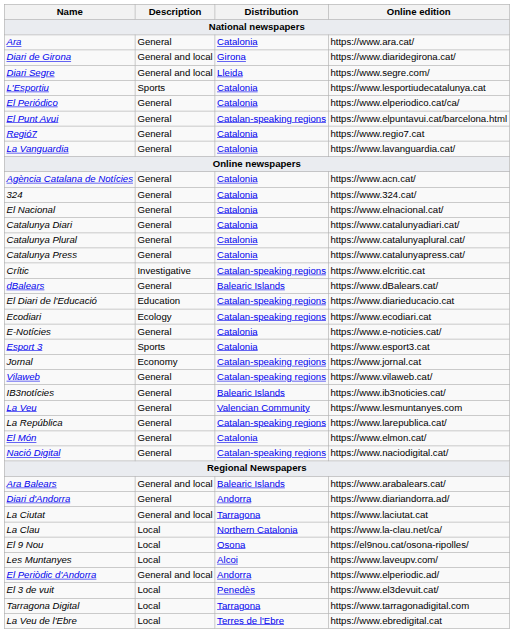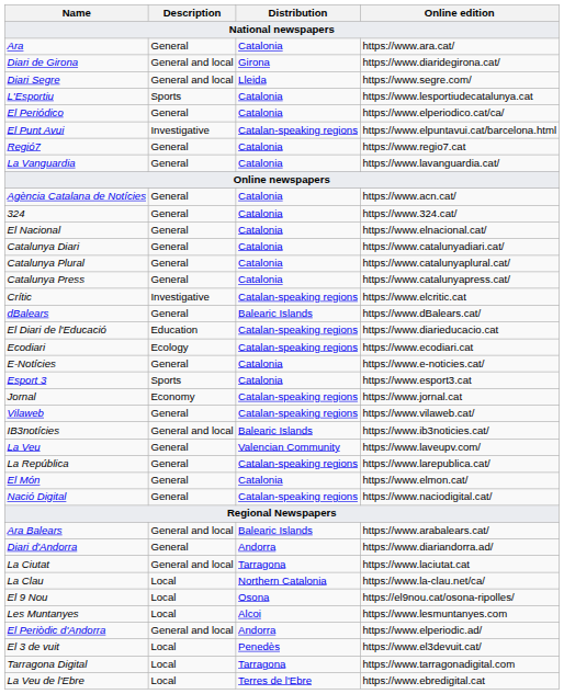 <table class="wikitable">
 <tr>
 <th>Name</th>
 <th>Description</th>
 <th>Distribution</th>
 <th>Online edition</th>
 </tr>
 <tr>
 <td colspan="7" align="center" style="background:#eaecf0;"><strong>National newspapers</strong></td>
 </tr>
 <tr>
 <td><em><a href='#'>Ara</a></em></td>
 <td>General</td>
 <td><a href='#'>Catalonia</a></td>
 <td>https://www.ara.cat/</td>
 </tr>
 <tr>
 <td><em><a href='#'>Diari de Girona</a></em></td>
 <td>General and local</td>
 <td><a href='#'>Girona</a></td>
 <td>https://www.diaridegirona.cat/</td>
 </tr>
 <tr>
 <td><em><a href='#'>Diari Segre</a></em></td>
 <td>General and local</td>
 <td><a href='#'>Lleida</a></td>
 <td>https://www.segre.com/</td>
 </tr>
 <tr>
 <td><em><a href='#'>L'Esportiu</a></em></td>
 <td>Sports</td>
 <td><a href='#'>Catalonia</a></td>
 <td>https://www.lesportiudecatalunya.cat</td>
 </tr>
 <tr>
 <td><em><a href='#'>El Periódico</a></em></td>
 <td>General</td>
 <td><a href='#'>Catalonia</a></td>
 <td>https://www.elperiodico.cat/ca/</td>
 </tr>
 <tr>
 <td><em><a href='#'>El Punt Avui</a></em></td>
-<td>General</td>
+<td>Investigative</td>
 <td><a href='#'>Catalan-speaking regions</a></td>
 <td>https://www.elpuntavui.cat/barcelona.html</td>
 </tr>
 <tr>
 <td><em><a href='#'>Regió7</a></em></td>
 <td>General</td>
 <td><a href='#'>Catalonia</a></td>
 <td>https://www.regio7.cat</td>
 </tr>
 <tr>
 <td><em><a href='#'>La Vanguardia</a></em></td>
 <td>General</td>
 <td><a href='#'>Catalonia</a></td>
 <td>https://www.lavanguardia.cat/</td>
 </tr>
 <tr>
 <td colspan="7" align="center" style="background:#eaecf0;"><strong>Online newspapers</strong></td>
 </tr>
 <tr>
 <td><em><a href='#'>Agència Catalana de Notícies</a></em></td>
 <td>General</td>
 <td><a href='#'>Catalonia</a></td>
 <td>https://www.acn.cat/</td>
 </tr>
 <tr>
 <td><em>324</em></td>
 <td>General</td>
 <td><a href='#'>Catalonia</a></td>
 <td>https://www.324.cat/</td>
 </tr>
 <tr>
 <td><em>El Nacional</em></td>
 <td>General</td>
 <td><a href='#'>Catalonia</a></td>
 <td>https://www.elnacional.cat/</td>
 </tr>
 <tr>
 <td><em>Catalunya Diari</em></td>
 <td>General</td>
 <td><a href='#'>Catalonia</a></td>
 <td>https://www.catalunyadiari.cat/</td>
 </tr>
 <tr>
 <td><em>Catalunya Plural</em></td>
 <td>General</td>
 <td><a href='#'>Catalonia</a></td>
 <td>https://www.catalunyaplural.cat/</td>
 </tr>
 <tr>
 <td><em>Catalunya Press</em></td>
 <td>General</td>
 <td><a href='#'>Catalonia</a></td>
 <td>https://www.catalunyapress.cat/</td>
 </tr>
 <tr>
 <td><em>Crític</em></td>
 <td>Investigative</td>
 <td><a href='#'>Catalan-speaking regions</a></td>
 <td>https://www.elcritic.cat</td>
 </tr>
 <tr>
 <td><em><a href='#'>dBalears</a></em></td>
 <td>General</td>
 <td><a href='#'>Balearic Islands</a></td>
 <td>https://www.dBalears.cat/</td>
 </tr>
 <tr>
 <td><em>El Diari de l'Educació</em></td>
 <td>Education</td>
 <td><a href='#'>Catalan-speaking regions</a></td>
 <td>https://www.diarieducacio.cat</td>
 </tr>
 <tr>
 <td><em>Ecodiari</em></td>
 <td>Ecology</td>
 <td><a href='#'>Catalan-speaking regions</a></td>
 <td>https://www.ecodiari.cat</td>
 </tr>
 <tr>
 <td><em>E-Notícies</em></td>
 <td>General</td>
 <td><a href='#'>Catalonia</a></td>
 <td>https://www.e-noticies.cat/</td>
 </tr>
 <tr>
 <td><em><a href='#'>Esport 3</a></em></td>
 <td>Sports</td>
 <td><a href='#'>Catalonia</a></td>
 <td>https://www.esport3.cat</td>
 </tr>
 <tr>
 <td><em>Jornal</em></td>
 <td>Economy</td>
 <td><a href='#'>Catalan-speaking regions</a></td>
 <td>https://www.jornal.cat</td>
 </tr>
 <tr>
 <td><em><a href='#'>Vilaweb</a></em></td>
 <td>General</td>
 <td><a href='#'>Catalan-speaking regions</a></td>
 <td>https://www.vilaweb.cat/</td>
 </tr>
 <tr>
 <td><em>IB3notícies</em></td>
-<td>General</td>
+<td>General and local</td>
 <td><a href='#'>Balearic Islands</a></td>
 <td>https://www.ib3noticies.cat/</td>
 </tr>
 <tr>
 <td><em><a href='#'>La Veu</a></em></td>
 <td>General</td>
 <td><a href='#'>Valencian Community</a></td>
-<td>https://www.lesmuntanyes.com</td>
+<td>https://www.laveupv.com/</td>
 </tr>
 <tr>
 <td><em>La República</em></td>
 <td>General</td>
 <td><a href='#'>Catalan-speaking regions</a></td>
 <td>https://www.larepublica.cat/</td>
 </tr>
 <tr>
 <td><em><a href='#'>El Món</a></em></td>
 <td>General</td>
 <td><a href='#'>Catalonia</a></td>
 <td>https://www.elmon.cat/</td>
 </tr>
 <tr>
 <td><em><a href='#'>Nació Digital</a></em></td>
 <td>General</td>
 <td><a href='#'>Catalan-speaking regions</a></td>
 <td>https://www.naciodigital.cat/</td>
 </tr>
 <tr>
 <td colspan="7" align="center" style="background:#eaecf0;"><strong>Regional Newspapers</strong></td>
 </tr>
 <tr>
 <td><em><a href='#'>Ara Balears</a></em></td>
 <td>General and local</td>
 <td><a href='#'>Balearic Islands</a></td>
 <td>https://www.arabalears.cat/</td>
 </tr>
 <tr>
 <td><em><a href='#'>Diari d'Andorra</a></em></td>
 <td>General</td>
 <td><a href='#'>Andorra</a></td>
 <td>https://www.diariandorra.ad/</td>
 </tr>
 <tr>
 <td><em>La Ciutat</em></td>
 <td>General and local</td>
 <td><a href='#'>Tarragona</a></td>
 <td>https://www.laciutat.cat</td>
 </tr>
 <tr>
 <td><em>La Clau</em></td>
 <td>Local</td>
 <td><a href='#'>Northern Catalonia</a></td>
 <td>https://www.la-clau.net/ca/</td>
 </tr>
 <tr>
 <td><em>El 9 Nou</em></td>
 <td>Local</td>
 <td><a href='#'>Osona</a></td>
 <td>https://el9nou.cat/osona-ripolles/</td>
 </tr>
 <tr>
 <td><em>Les Muntanyes</em></td>
 <td>Local</td>
 <td><a href='#'>Alcoi</a></td>
-<td>https://www.laveupv.com/</td>
+<td>https://www.lesmuntanyes.com</td>
 </tr>
 <tr>
 <td><em><a href='#'>El Periòdic d'Andorra</a></em></td>
 <td>General and local</td>
 <td><a href='#'>Andorra</a></td>
 <td>https://www.elperiodic.ad/</td>
 </tr>
 <tr>
 <td><em>El 3 de vuit</em></td>
 <td>Local</td>
 <td><a href='#'>Penedès</a></td>
 <td>https://www.el3devuit.cat/</td>
 </tr>
 <tr>
 <td><em>Tarragona Digital</em></td>
 <td>Local</td>
 <td><a href='#'>Tarragona</a></td>
 <td>https://www.tarragonadigital.com</td>
 </tr>
 <tr>
 <td><em>La Veu de l'Ebre</em></td>
 <td>Local</td>
 <td><a href='#'>Terres de l'Ebre</a></td>
 <td>https://www.ebredigital.cat</td>
 </tr>
 </table>
